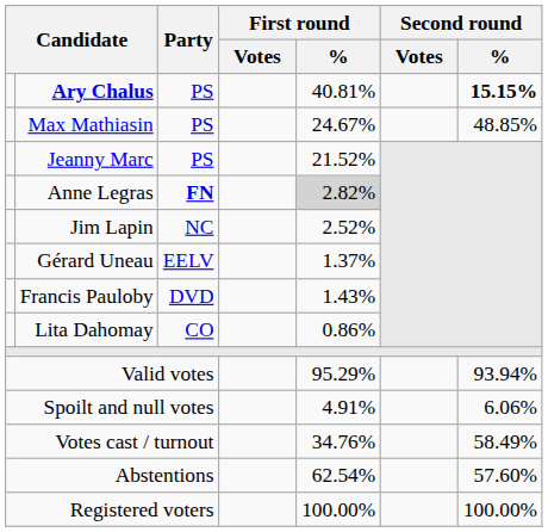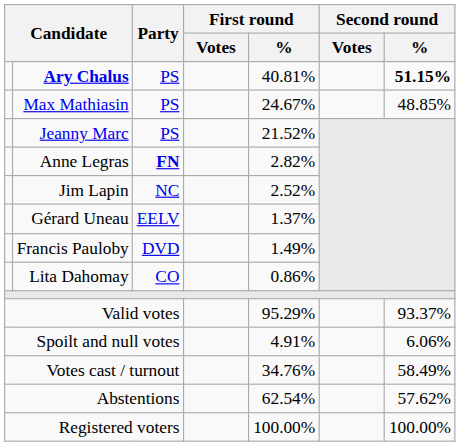 <table class="wikitable" style="text-align:right;font-size:95%;">
 <tr>
 <th rowspan=2 colspan=2>Candidate</th>
 <th rowspan=2 colspan=1>Party</th>
 <th colspan=2>First round</th>
 <th colspan=2>Second round</th>
 </tr>
 <tr>
 <th style="width:50px;">Votes</th>
 <th style="width:55px;">%</th>
 <th style="width:50px;">Votes</th>
 <th style="width:55px;">%</th>
 </tr>
 <tr>
 <td style="color:inherit;background-color:"></td>
 <td><strong><a href='#'>Ary Chalus</a></strong></td>
 <td><a href='#'>PS</a></td>
 <td></td>
 <td>40.81%</td>
 <td><strong></strong></td>
-<td><strong>15.15%</strong></td>
+<td><strong>51.15%</strong></td>
 </tr>
 <tr>
 <td style="color:inherit;background-color:"></td>
 <td><a href='#'>Max Mathiasin</a></td>
 <td><a href='#'>PS</a></td>
 <td></td>
 <td>24.67%</td>
 <td></td>
 <td>48.85%</td>
 </tr>
 <tr>
 <td style="color:inherit;background-color:"></td>
 <td><a href='#'>Jeanny Marc</a></td>
 <td><a href='#'>PS</a></td>
 <td></td>
 <td>21.52%</td>
 <td colspan=7 rowspan=6 style="background-color:#E9E9E9;"></td>
 </tr>
 <tr>
 <td style="color:inherit;background-color:"></td>
 <td>Anne Legras</td>
 <td><strong><a href='#'>FN</a></strong></td>
 <td></td>
-<td style="background: lightgrey;">2.82%</td>
+<td>2.82%</td>
 </tr>
 <tr>
 <td style="color:inherit;background-color:"></td>
 <td>Jim Lapin</td>
 <td><a href='#'>NC</a></td>
 <td></td>
 <td>2.52%</td>
 </tr>
 <tr>
 <td style="color:inherit;background-color:"></td>
 <td>Gérard Uneau</td>
 <td><a href='#'>EELV</a></td>
 <td></td>
 <td>1.37%</td>
 </tr>
 <tr>
 <td style="color:inherit;background-color:"></td>
 <td>Francis Pauloby</td>
 <td><a href='#'>DVD</a></td>
 <td></td>
-<td>1.43%</td>
+<td>1.49%</td>
 </tr>
 <tr>
 <td style="color:inherit;background-color:"></td>
 <td>Lita Dahomay</td>
 <td><a href='#'>CO</a></td>
 <td></td>
 <td>0.86%</td>
 </tr>
 <tr>
 <td colspan=7 style="background-color:#E9E9E9;"></td>
 </tr>
 <tr>
 <td colspan=3>Valid votes</td>
 <td></td>
 <td>95.29%</td>
 <td></td>
-<td>93.94%</td>
+<td>93.37%</td>
 </tr>
 <tr>
 <td colspan=3>Spoilt and null votes</td>
 <td></td>
 <td>4.91%</td>
 <td></td>
 <td>6.06%</td>
 </tr>
 <tr>
 <td colspan=3>Votes cast / turnout</td>
 <td></td>
 <td>34.76%</td>
 <td></td>
 <td>58.49%</td>
 </tr>
 <tr>
 <td colspan=3>Abstentions</td>
 <td></td>
 <td>62.54%</td>
 <td></td>
-<td>57.60%</td>
+<td>57.62%</td>
 </tr>
 <tr>
 <td colspan=3>Registered voters</td>
 <td></td>
 <td>100.00%</td>
 <td></td>
 <td>100.00%</td>
 </tr>
 </table>
